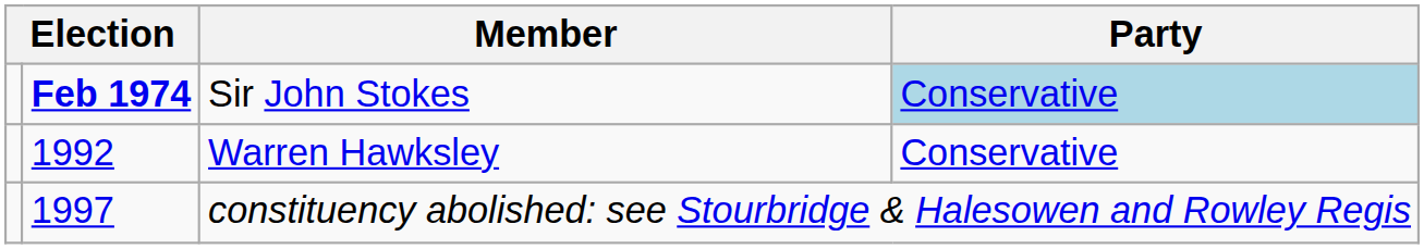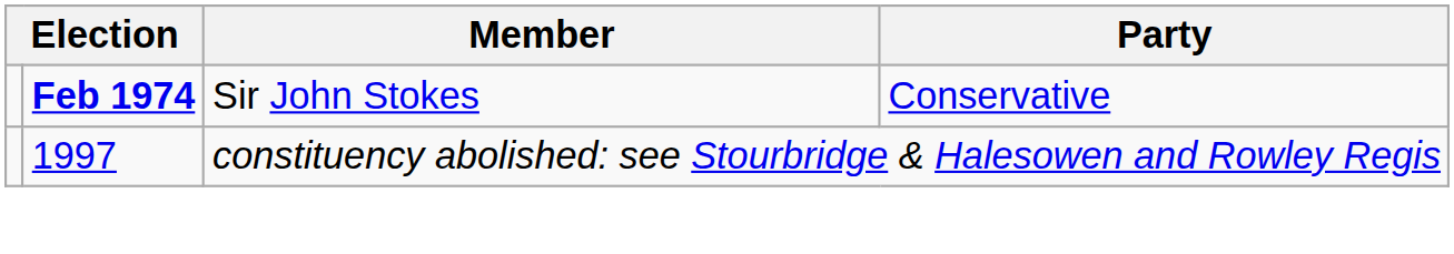 <table class="wikitable">
 <tr>
 <th colspan="2">Election</th>
 <th>Member</th>
 <th>Party</th>
 </tr>
 <tr>
 <td style="color:inherit;background-color: "></td>
 <td><strong><a href='#'>Feb 1974</a></strong></td>
 <td>Sir <a href='#'>John Stokes</a></td>
-<td style="background: lightblue;"><a href='#'>Conservative</a></td>
-</tr>
-<tr>
-<td style="color:inherit;background-color: "></td>
-<td><a href='#'>1992</a></td>
-<td><a href='#'>Warren Hawksley</a></td>
 <td><a href='#'>Conservative</a></td>
 </tr>
 <tr>
 <td></td>
 <td><a href='#'>1997</a></td>
 <td colspan="2"><em>constituency abolished: see <a href='#'>Stourbridge</a> & <a href='#'>Halesowen and Rowley Regis</a></em></td>
 </tr>
 </table>
